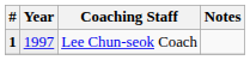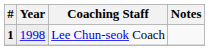 <table class="wikitable" style="text-left:center">
 <tr>
 <th>#</th>
 <th>Year</th>
 <th>Coaching Staff</th>
 <th>Notes</th>
 </tr>
 <tr>
 <td style="background:#eeeeee"><strong>1</strong></td>
-<td style="background:#eeeeee"><a href='#'>1997</a></td>
+<td style="background:#eeeeee"><a href='#'>1998</a></td>
 <td> <a href='#'>Lee Chun-seok</a> Coach</td>
 <td></td>
 </tr>
 <tr>
 </tr>
 </table>
